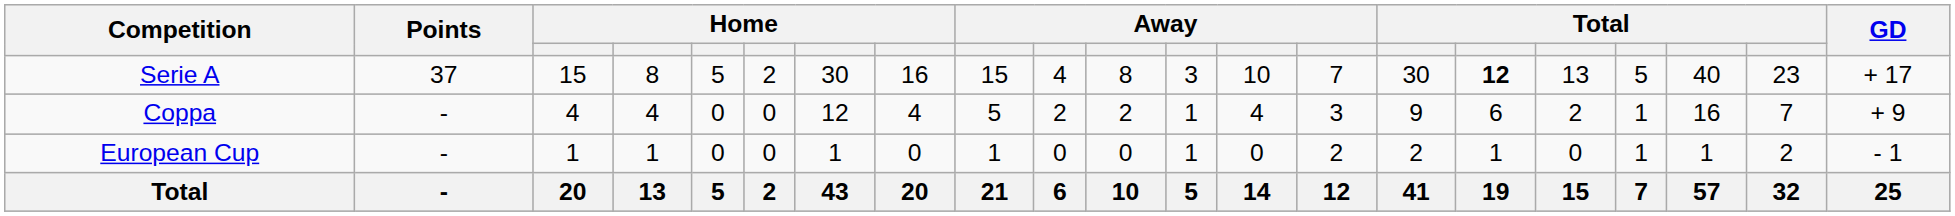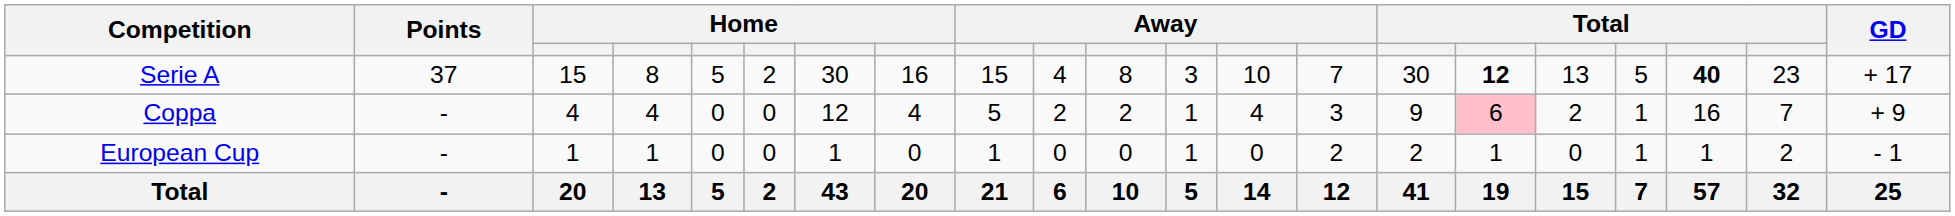 <table class="wikitable" style="width:100%;margin:auto;clear:both;text-align:center;">
 <tr>
 <th rowspan="2">Competition</th>
 <th rowspan="2">Points</th>
 <th colspan="6">Home</th>
 <th colspan="6">Away</th>
 <th colspan="6">Total</th>
 <th rowspan="2"><a href='#'>GD</a></th>
 </tr>
 <tr>
 <th></th>
 <th></th>
 <th></th>
 <th></th>
 <th></th>
 <th></th>
 <th></th>
 <th></th>
 <th></th>
 <th></th>
 <th></th>
 <th></th>
 <th></th>
 <th></th>
 <th></th>
 <th></th>
 <th></th>
 <th></th>
 </tr>
 <tr>
 <td><a href='#'>Serie A</a></td>
 <td>37</td>
 <td>15</td>
 <td>8</td>
 <td>5</td>
 <td>2</td>
 <td>30</td>
 <td>16</td>
 <td>15</td>
 <td>4</td>
 <td>8</td>
 <td>3</td>
 <td>10</td>
 <td>7</td>
 <td>30</td>
 <td><strong>12</strong></td>
 <td>13</td>
 <td>5</td>
-<td>40</td>
+<td><strong>40</strong></td>
 <td>23</td>
 <td>+ 17</td>
 </tr>
 <tr>
 <td><a href='#'>Coppa</a></td>
 <td>-</td>
 <td>4</td>
 <td>4</td>
 <td>0</td>
 <td>0</td>
 <td>12</td>
 <td>4</td>
 <td>5</td>
 <td>2</td>
 <td>2</td>
 <td>1</td>
 <td>4</td>
 <td>3</td>
 <td>9</td>
-<td>6</td>
+<td style="background: pink;">6</td>
 <td>2</td>
 <td>1</td>
 <td>16</td>
 <td>7</td>
 <td>+ 9</td>
 </tr>
 <tr>
 <td><a href='#'>European Cup</a></td>
 <td>-</td>
 <td>1</td>
 <td>1</td>
 <td>0</td>
 <td>0</td>
 <td>1</td>
 <td>0</td>
 <td>1</td>
 <td>0</td>
 <td>0</td>
 <td>1</td>
 <td>0</td>
 <td>2</td>
 <td>2</td>
 <td>1</td>
 <td>0</td>
 <td>1</td>
 <td>1</td>
 <td>2</td>
 <td>- 1</td>
 </tr>
 <tr>
 <th>Total</th>
 <th>-</th>
 <th>20</th>
 <th>13</th>
 <th>5</th>
 <th>2</th>
 <th>43</th>
 <th>20</th>
 <th>21</th>
 <th>6</th>
 <th>10</th>
 <th>5</th>
 <th>14</th>
 <th>12</th>
 <th>41</th>
 <th>19</th>
 <th>15</th>
 <th>7</th>
 <th>57</th>
 <th>32</th>
 <th>25</th>
 </tr>
 </table>
